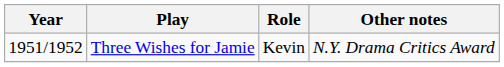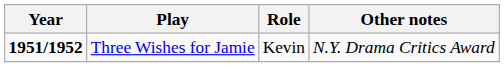 <table class="wikitable" style="font-size: 95%;">
 <tr>
 <th>Year</th>
 <th>Play</th>
 <th>Role</th>
 <th>Other notes</th>
 </tr>
 <tr>
-<td rowspan=1>1951/1952</td>
+<td rowspan=1><strong>1951/1952</strong></td>
 <td><a href='#'>Three Wishes for Jamie</a></td>
 <td>Kevin</td>
 <td><em>N.Y. Drama Critics Award</em></td>
 </tr>
 <tr>
 </tr>
 </table>
